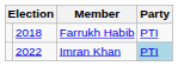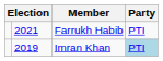 <table class="wikitable">
 <tr>
 <th colspan="2">Election</th>
 <th>Member</th>
 <th>Party</th>
 </tr>
 <tr>
 <td style="background-color: "></td>
-<td><a href='#'>2018</a></td>
+<td><a href='#'>2021</a></td>
 <td><a href='#'>Farrukh Habib</a></td>
 <td><a href='#'>PTI</a></td>
 </tr>
 <tr>
 <td style="background-color: "></td>
-<td><a href='#'>2022</a></td>
+<td><a href='#'>2019</a></td>
 <td><a href='#'>Imran Khan</a></td>
 <td style="background: lightblue;"><a href='#'>PTI</a></td>
 </tr>
 </table>
